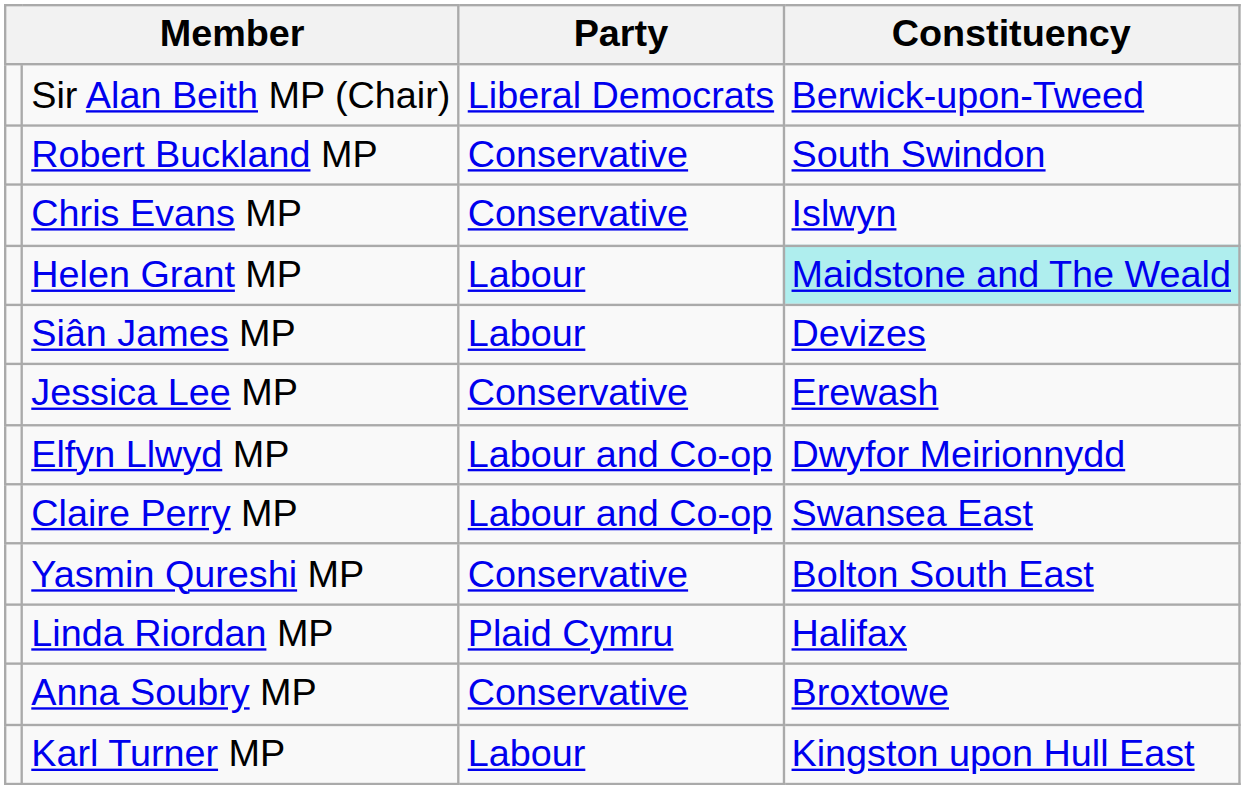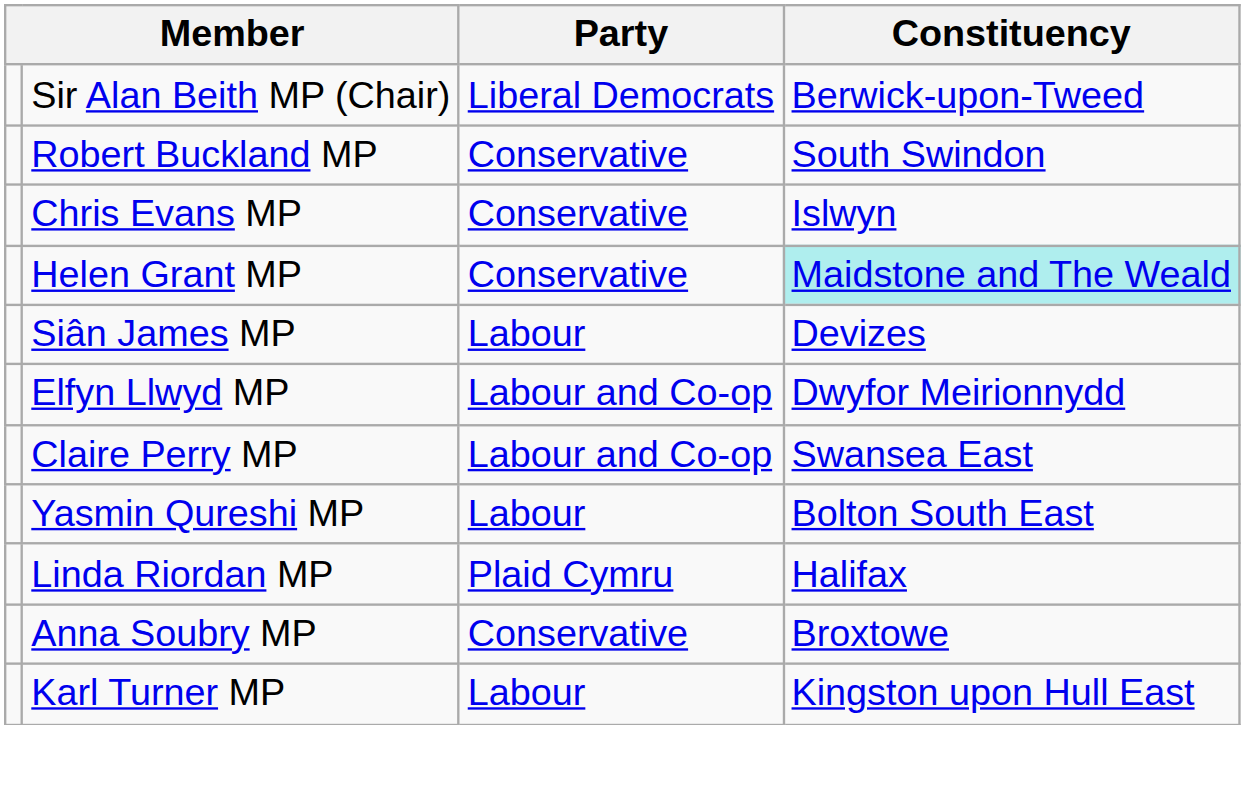 <table class="wikitable">
 <tr>
 <th colspan="2" valign="top">Member</th>
 <th valign="top">Party</th>
 <th valign="top">Constituency</th>
 </tr>
 <tr>
 <td style="color:inherit;background:"></td>
 <td>Sir <a href='#'>Alan Beith</a> MP (Chair)</td>
 <td><a href='#'>Liberal Democrats</a></td>
 <td><a href='#'>Berwick-upon-Tweed</a></td>
 </tr>
 <tr>
 <td style="color:inherit;background:"></td>
 <td><a href='#'>Robert Buckland</a> MP</td>
 <td><a href='#'>Conservative</a></td>
 <td><a href='#'>South Swindon</a></td>
 </tr>
 <tr>
 <td style="color:inherit;background:"></td>
 <td><a href='#'>Chris Evans</a> MP</td>
 <td><a href='#'>Conservative</a></td>
 <td><a href='#'>Islwyn</a></td>
 </tr>
 <tr>
 <td style="color:inherit;background:"></td>
 <td><a href='#'>Helen Grant</a> MP</td>
-<td><a href='#'>Labour</a></td>
+<td><a href='#'>Conservative</a></td>
 <td style="background: paleturquoise;"><a href='#'>Maidstone and The Weald</a></td>
 </tr>
 <tr>
 <td style="color:inherit;background:"></td>
 <td><a href='#'>Siân James</a> MP</td>
 <td><a href='#'>Labour</a></td>
 <td><a href='#'>Devizes</a></td>
-</tr>
-<tr>
-<td style="color:inherit;background:"></td>
-<td><a href='#'>Jessica Lee</a> MP</td>
-<td><a href='#'>Conservative</a></td>
-<td><a href='#'>Erewash</a></td>
 </tr>
 <tr>
 <td style="color:inherit;background:"></td>
 <td><a href='#'>Elfyn Llwyd</a> MP</td>
 <td><a href='#'>Labour and Co-op</a></td>
 <td><a href='#'>Dwyfor Meirionnydd</a></td>
 </tr>
 <tr>
 <td style="color:inherit;background:"></td>
 <td><a href='#'>Claire Perry</a> MP</td>
 <td><a href='#'>Labour and Co-op</a></td>
 <td><a href='#'>Swansea East</a></td>
 </tr>
 <tr>
 <td style="color:inherit;background:"></td>
 <td><a href='#'>Yasmin Qureshi</a> MP</td>
-<td><a href='#'>Conservative</a></td>
+<td><a href='#'>Labour</a></td>
 <td><a href='#'>Bolton South East</a></td>
 </tr>
 <tr>
 <td style="color:inherit;background:"></td>
 <td><a href='#'>Linda Riordan</a> MP</td>
 <td><a href='#'>Plaid Cymru</a></td>
 <td><a href='#'>Halifax</a></td>
 </tr>
 <tr>
 <td style="color:inherit;background:"></td>
 <td><a href='#'>Anna Soubry</a> MP</td>
 <td><a href='#'>Conservative</a></td>
 <td><a href='#'>Broxtowe</a></td>
 </tr>
 <tr>
 <td style="color:inherit;background:"></td>
 <td><a href='#'>Karl Turner</a> MP</td>
 <td><a href='#'>Labour</a></td>
 <td><a href='#'>Kingston upon Hull East</a></td>
 </tr>
 </table>
